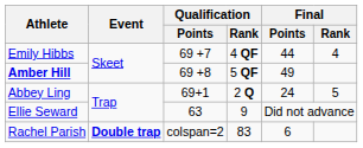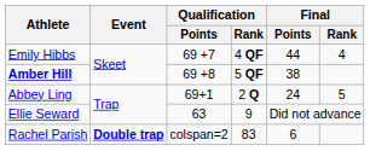 <table class="wikitable" style="font-size:90%;">
 <tr>
 <th rowspan=2>Athlete</th>
 <th rowspan=2>Event</th>
 <th colspan=2>Qualification</th>
 <th colspan=2>Final</th>
 </tr>
 <tr style="font-size:95%">
 <th>Points</th>
 <th>Rank</th>
 <th>Points</th>
 <th>Rank</th>
 </tr>
 <tr align=center>
 <td align=left><a href='#'>Emily Hibbs</a></td>
 <td align=left rowspan="2"><a href='#'>Skeet</a></td>
 <td>69 +7</td>
 <td>4 <strong>QF</strong></td>
 <td>44</td>
 <td>4</td>
 </tr>
 <tr align=center>
 <td align=left><strong><a href='#'>Amber Hill</a></strong></td>
 <td>69 +8</td>
 <td>5 <strong>QF</strong></td>
-<td>49</td>
+<td>38</td>
 <td></td>
 </tr>
 <tr align=center>
 <td align=left><a href='#'>Abbey Ling</a></td>
 <td align=left rowspan="2"><a href='#'>Trap</a></td>
 <td>69+1</td>
 <td>2 <strong>Q</strong></td>
 <td>24</td>
 <td>5</td>
 </tr>
 <tr align=center>
 <td align=left><a href='#'>Ellie Seward</a></td>
 <td>63</td>
 <td>9</td>
 <td colspan=2>Did not advance</td>
 </tr>
 <tr align=center>
 <td align=left><a href='#'>Rachel Parish</a></td>
 <td align=left><strong><a href='#'>Double trap</a></strong></td>
 <td>colspan=2 </td>
 <td>83</td>
 <td>6</td>
 </tr>
 </table>
